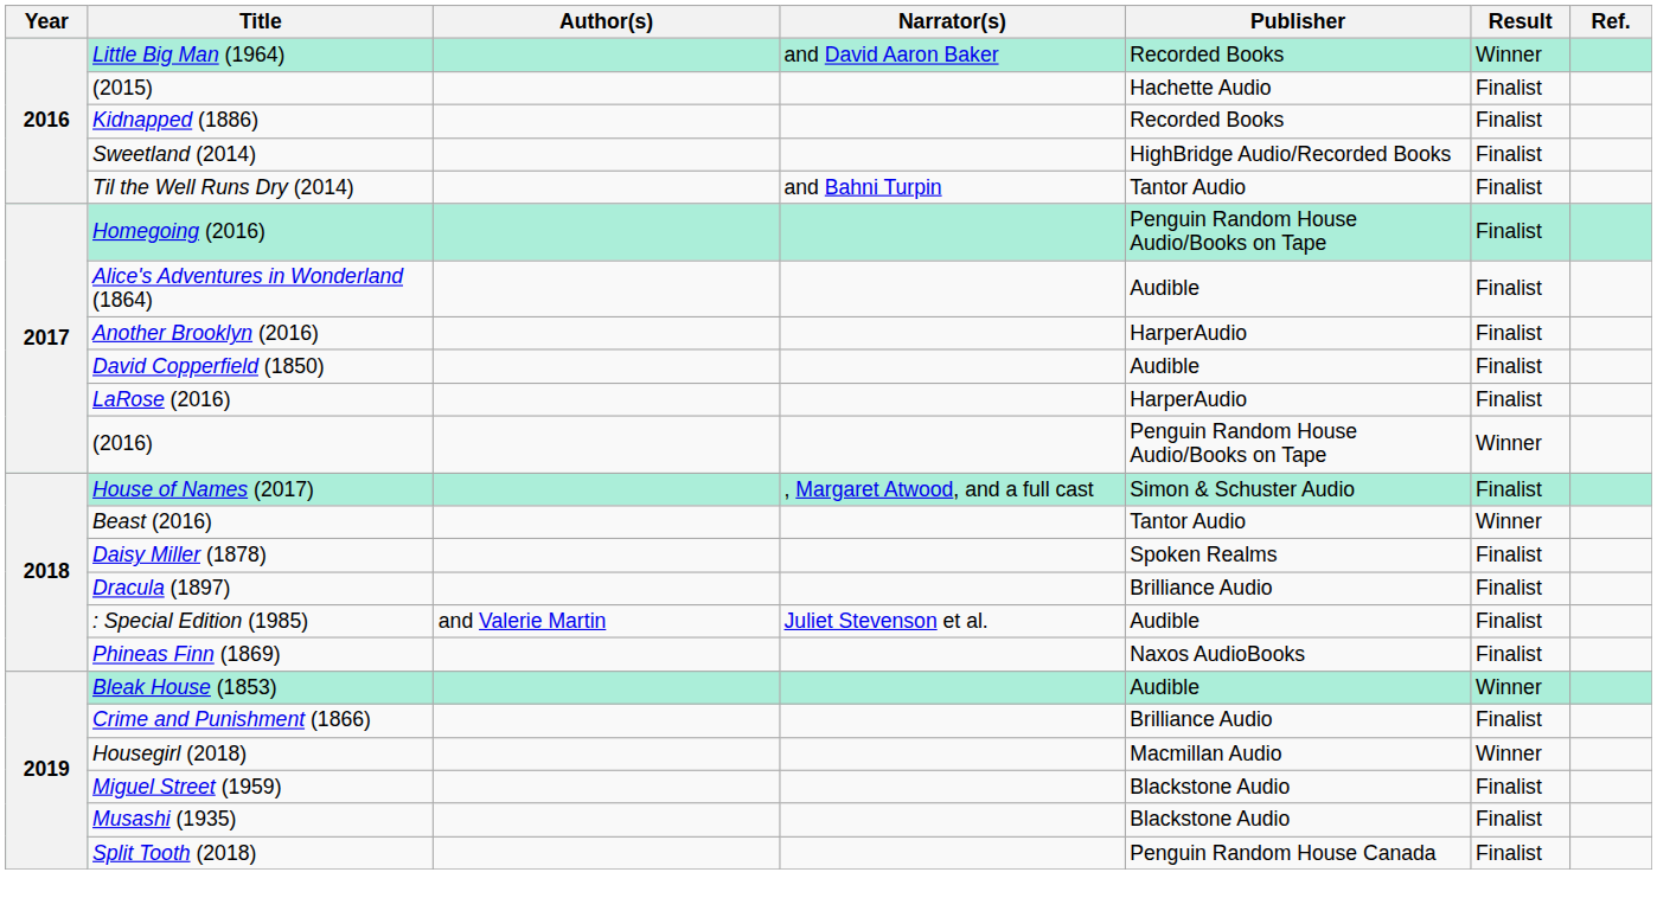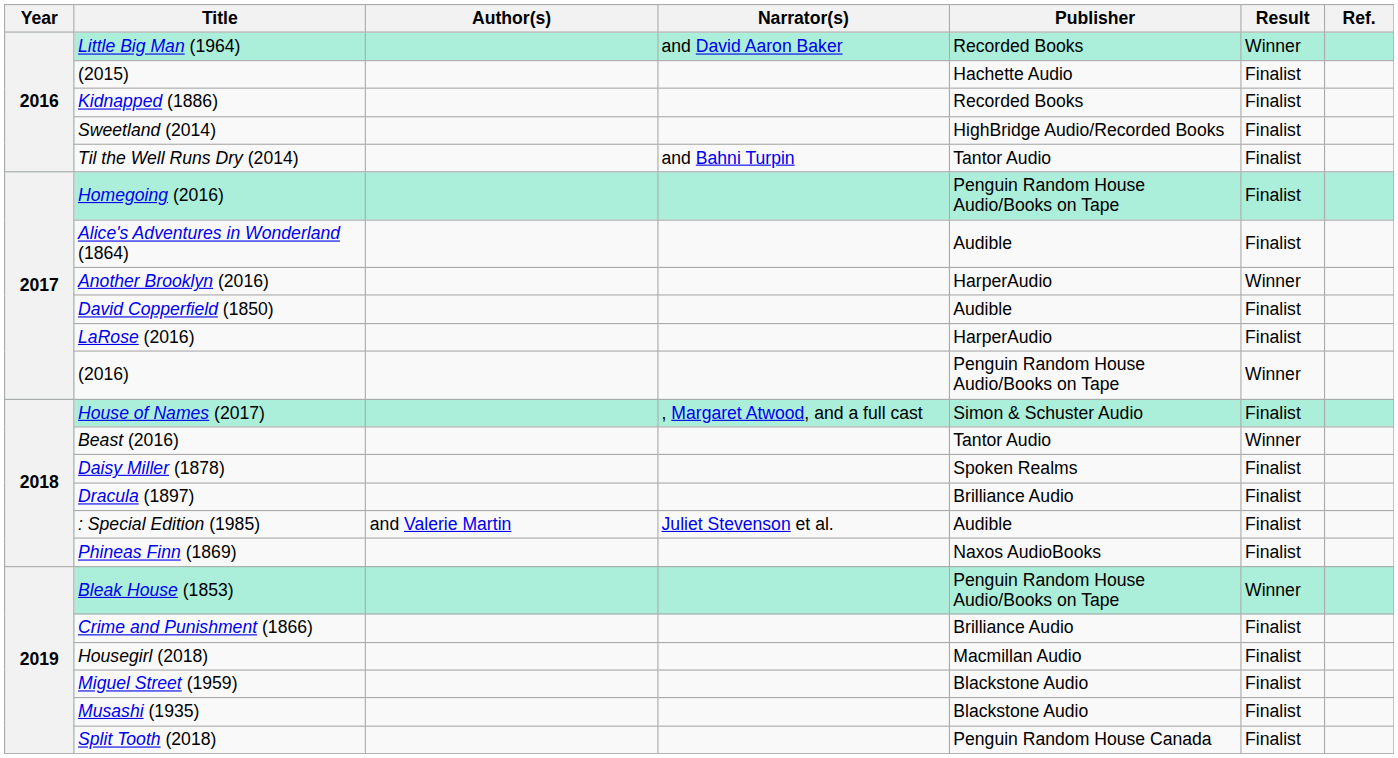 <table class="wikitable sortable mw-collapsible" style="width:100%">
 <tr>
 <th scope="col" width="5%">Year</th>
 <th scope="col" width="21%">Title</th>
 <th scope="col" width="21%">Author(s)</th>
 <th scope="col" width="21%">Narrator(s)</th>
 <th scope="col" width="21%”">Publisher</th>
 <th scope="col" width=“6%”>Result</th>
 <th scope="col" width="5%">Ref.</th>
 </tr>
 <tr style="background:#ABEED9">
 <th rowspan="5">2016<br></th>
 <td><em><a href='#'>Little Big Man</a></em> (1964)</td>
 <td></td>
 <td> and <a href='#'>David Aaron Baker</a></td>
 <td>Recorded Books</td>
 <td>Winner</td>
 <td></td>
 </tr>
 <tr>
 <td><em></em> (2015)</td>
 <td></td>
 <td></td>
 <td>Hachette Audio</td>
 <td>Finalist</td>
 <td></td>
 </tr>
 <tr>
 <td><em><a href='#'>Kidnapped</a></em> (1886)</td>
 <td></td>
 <td></td>
 <td>Recorded Books</td>
 <td>Finalist</td>
 <td></td>
 </tr>
 <tr>
 <td><em>Sweetland</em> (2014)</td>
 <td></td>
 <td></td>
 <td>HighBridge Audio/Recorded Books</td>
 <td>Finalist</td>
 <td></td>
 </tr>
 <tr>
 <td><em>Til the Well Runs Dry</em> (2014)</td>
 <td></td>
 <td> and <a href='#'>Bahni Turpin</a></td>
 <td>Tantor Audio</td>
 <td>Finalist</td>
 <td></td>
 </tr>
 <tr style="background:#ABEED9">
 <th rowspan="6">2017<br></th>
 <td><em><a href='#'>Homegoing</a></em> (2016)</td>
 <td></td>
 <td></td>
 <td>Penguin Random House Audio/Books on Tape</td>
 <td>Finalist</td>
 <td></td>
 </tr>
 <tr>
 <td><em><a href='#'>Alice's Adventures in Wonderland</a></em> (1864)</td>
 <td></td>
 <td></td>
 <td>Audible</td>
 <td>Finalist</td>
 <td></td>
 </tr>
 <tr>
 <td><em><a href='#'>Another Brooklyn</a></em> (2016)</td>
 <td></td>
 <td></td>
 <td>HarperAudio</td>
-<td>Finalist</td>
+<td>Winner</td>
 <td></td>
 </tr>
 <tr>
 <td><em><a href='#'>David Copperfield</a></em> (1850)</td>
 <td></td>
 <td></td>
 <td>Audible</td>
 <td>Finalist</td>
 <td></td>
 </tr>
 <tr>
 <td><em><a href='#'>LaRose</a></em> (2016)</td>
 <td></td>
 <td></td>
 <td>HarperAudio</td>
 <td>Finalist</td>
 <td></td>
 </tr>
 <tr>
 <td><em></em> (2016)</td>
 <td></td>
 <td></td>
 <td>Penguin Random House Audio/Books on Tape</td>
 <td>Winner</td>
 <td></td>
 </tr>
 <tr style="background:#ABEED9">
 <th rowspan="6">2018<br></th>
 <td><em><a href='#'>House of Names</a></em> (2017)</td>
 <td></td>
 <td>, <a href='#'>Margaret Atwood</a>, and a full cast</td>
 <td>Simon & Schuster Audio</td>
 <td>Finalist</td>
 <td></td>
 </tr>
 <tr>
 <td><em>Beast</em> (2016)</td>
 <td></td>
 <td></td>
 <td>Tantor Audio</td>
 <td>Winner</td>
 <td></td>
 </tr>
 <tr>
 <td><em><a href='#'>Daisy Miller</a></em> (1878)</td>
 <td></td>
 <td></td>
 <td>Spoken Realms</td>
 <td>Finalist</td>
 <td></td>
 </tr>
 <tr>
 <td><em><a href='#'>Dracula</a></em> (1897)</td>
 <td></td>
 <td></td>
 <td>Brilliance Audio</td>
 <td>Finalist</td>
 <td></td>
 </tr>
 <tr>
 <td><em>: Special Edition</em> (1985)</td>
 <td> and <a href='#'>Valerie Martin</a></td>
 <td><a href='#'>Juliet Stevenson</a> et al.</td>
 <td>Audible</td>
 <td>Finalist</td>
 <td></td>
 </tr>
 <tr>
 <td><em><a href='#'>Phineas Finn</a></em> (1869)</td>
 <td></td>
 <td></td>
 <td>Naxos AudioBooks</td>
 <td>Finalist</td>
 <td></td>
 </tr>
 <tr style="background:#ABEED9">
 <th rowspan="6">2019<br></th>
 <td><em><a href='#'>Bleak House</a></em> (1853)</td>
 <td></td>
 <td></td>
-<td>Audible</td>
+<td>Penguin Random House Audio/Books on Tape</td>
 <td>Winner</td>
 <td></td>
 </tr>
 <tr>
 <td><em><a href='#'>Crime and Punishment</a></em> (1866)</td>
 <td></td>
 <td></td>
 <td>Brilliance Audio</td>
 <td>Finalist</td>
 <td></td>
 </tr>
 <tr>
 <td><em>Housegirl</em> (2018)</td>
 <td></td>
 <td></td>
 <td>Macmillan Audio</td>
-<td>Winner</td>
+<td>Finalist</td>
 <td></td>
 </tr>
 <tr>
 <td><em><a href='#'>Miguel Street</a></em> (1959)</td>
 <td></td>
 <td></td>
 <td>Blackstone Audio</td>
 <td>Finalist</td>
 <td></td>
 </tr>
 <tr>
 <td><em><a href='#'>Musashi</a></em> (1935)</td>
 <td></td>
 <td></td>
 <td>Blackstone Audio</td>
 <td>Finalist</td>
 <td></td>
 </tr>
 <tr>
 <td><em><a href='#'>Split Tooth</a></em> (2018)</td>
 <td></td>
 <td></td>
 <td>Penguin Random House Canada</td>
 <td>Finalist</td>
 <td></td>
 </tr>
 </table>
